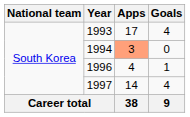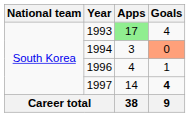 <table class="wikitable" style="text-align:center">
 <tr>
 <th>National team</th>
 <th>Year</th>
 <th>Apps</th>
 <th>Goals</th>
 </tr>
 <tr>
 <td rowspan=4><a href='#'>South Korea</a></td>
 <td>1993</td>
-<td>17</td>
+<td style="background: lightgreen;">17</td>
 <td>4</td>
 </tr>
 <tr>
 <td>1994</td>
-<td style="background: lightsalmon;">3</td>
-<td>0</td>
+<td>3</td>
+<td style="background: lightsalmon;">0</td>
 </tr>
 <tr>
 <td>1996</td>
 <td>4</td>
 <td>1</td>
 </tr>
 <tr>
 <td>1997</td>
 <td>14</td>
-<td>4</td>
+<td><strong>4</strong></td>
 </tr>
 <tr>
 <th colspan="2">Career total</th>
 <th>38</th>
 <th>9</th>
 </tr>
 </table>
